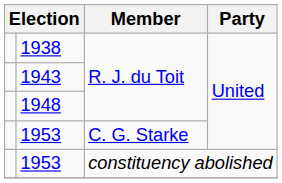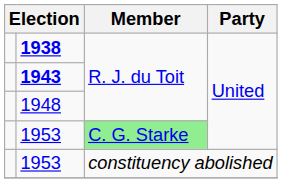 <table class="wikitable">
 <tr>
 <th colspan="2">Election</th>
 <th>Member</th>
 <th>Party</th>
 </tr>
 <tr>
 <td style="background-color: "></td>
-<td><a href='#'>1938</a></td>
+<td><strong><a href='#'>1938</a></strong></td>
 <td rowspan="3"><a href='#'>R. J. du Toit</a></td>
 <td rowspan="4"><a href='#'>United</a></td>
 </tr>
 <tr>
 <td style="background-color: "></td>
-<td><a href='#'>1943</a></td>
+<td><strong><a href='#'>1943</a></strong></td>
 </tr>
 <tr>
 <td style="background-color: "></td>
 <td><a href='#'>1948</a></td>
 </tr>
 <tr>
 <td style="background-color: "></td>
 <td><a href='#'>1953</a></td>
-<td><a href='#'>C. G. Starke</a></td>
+<td style="background: lightgreen;"><a href='#'>C. G. Starke</a></td>
 </tr>
 <tr>
 <td style="background-color: "></td>
 <td><a href='#'>1953</a></td>
 <td colspan="2"><em>constituency abolished</em></td>
 </tr>
 <tr>
 </tr>
 </table>
